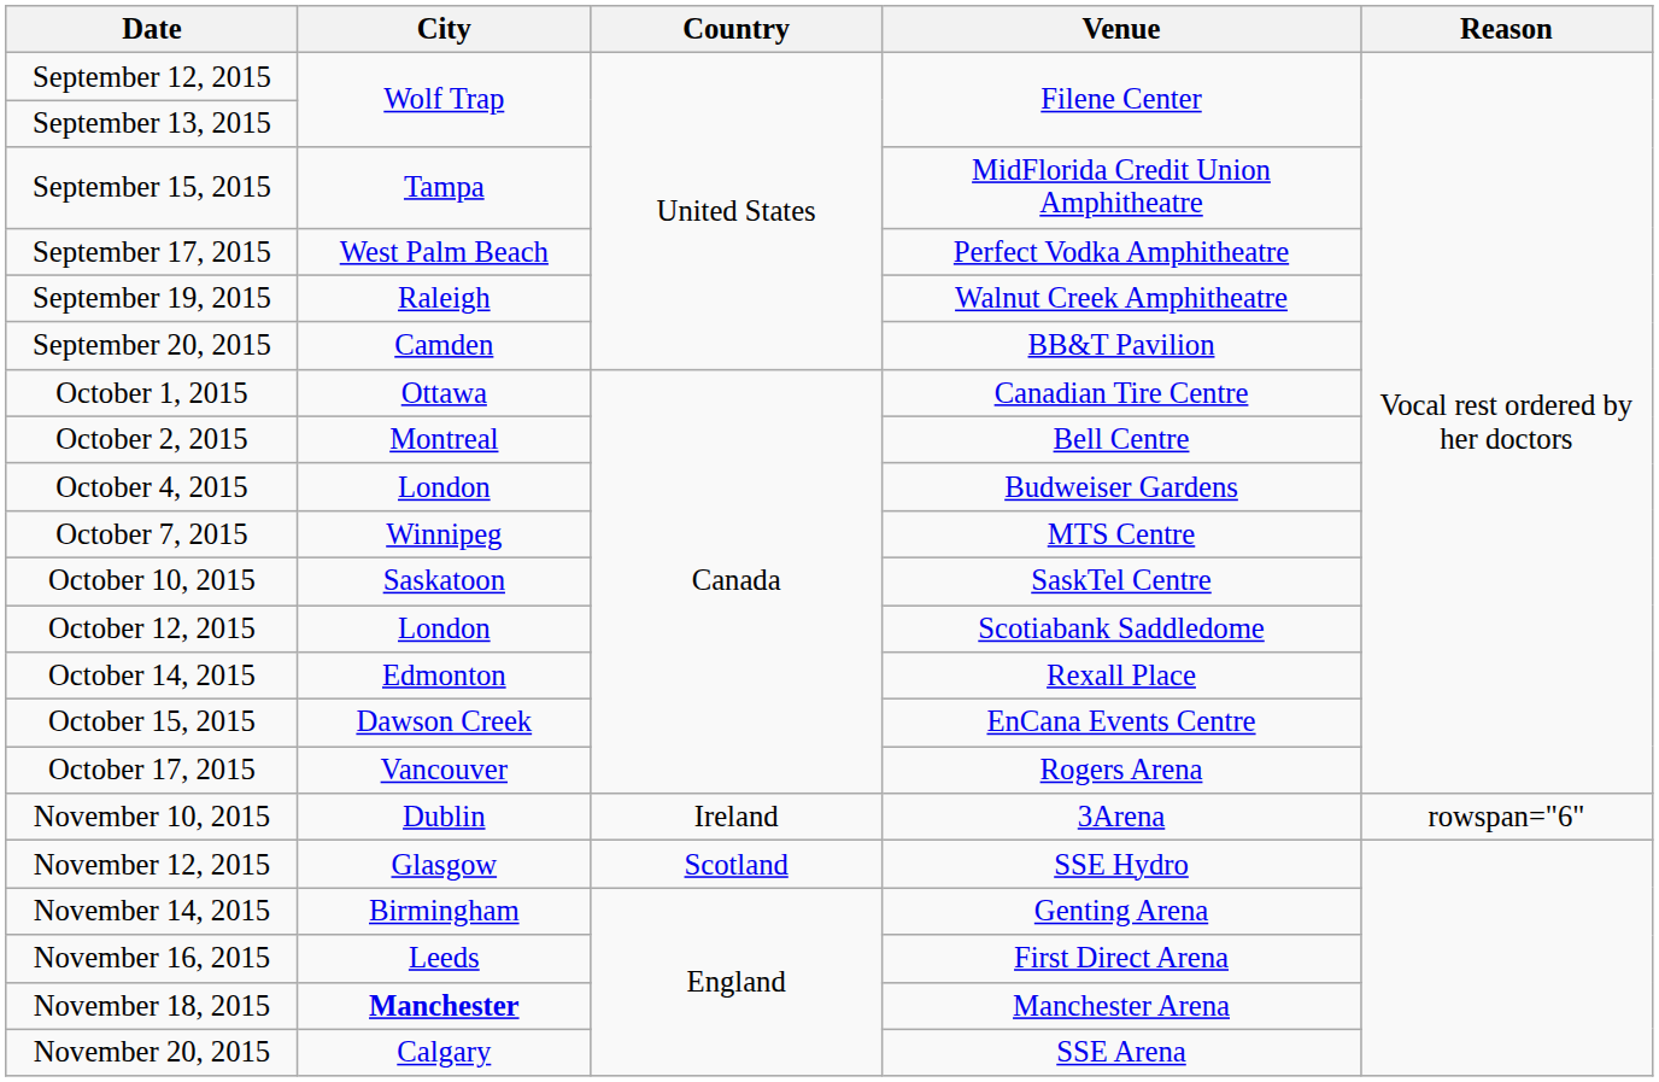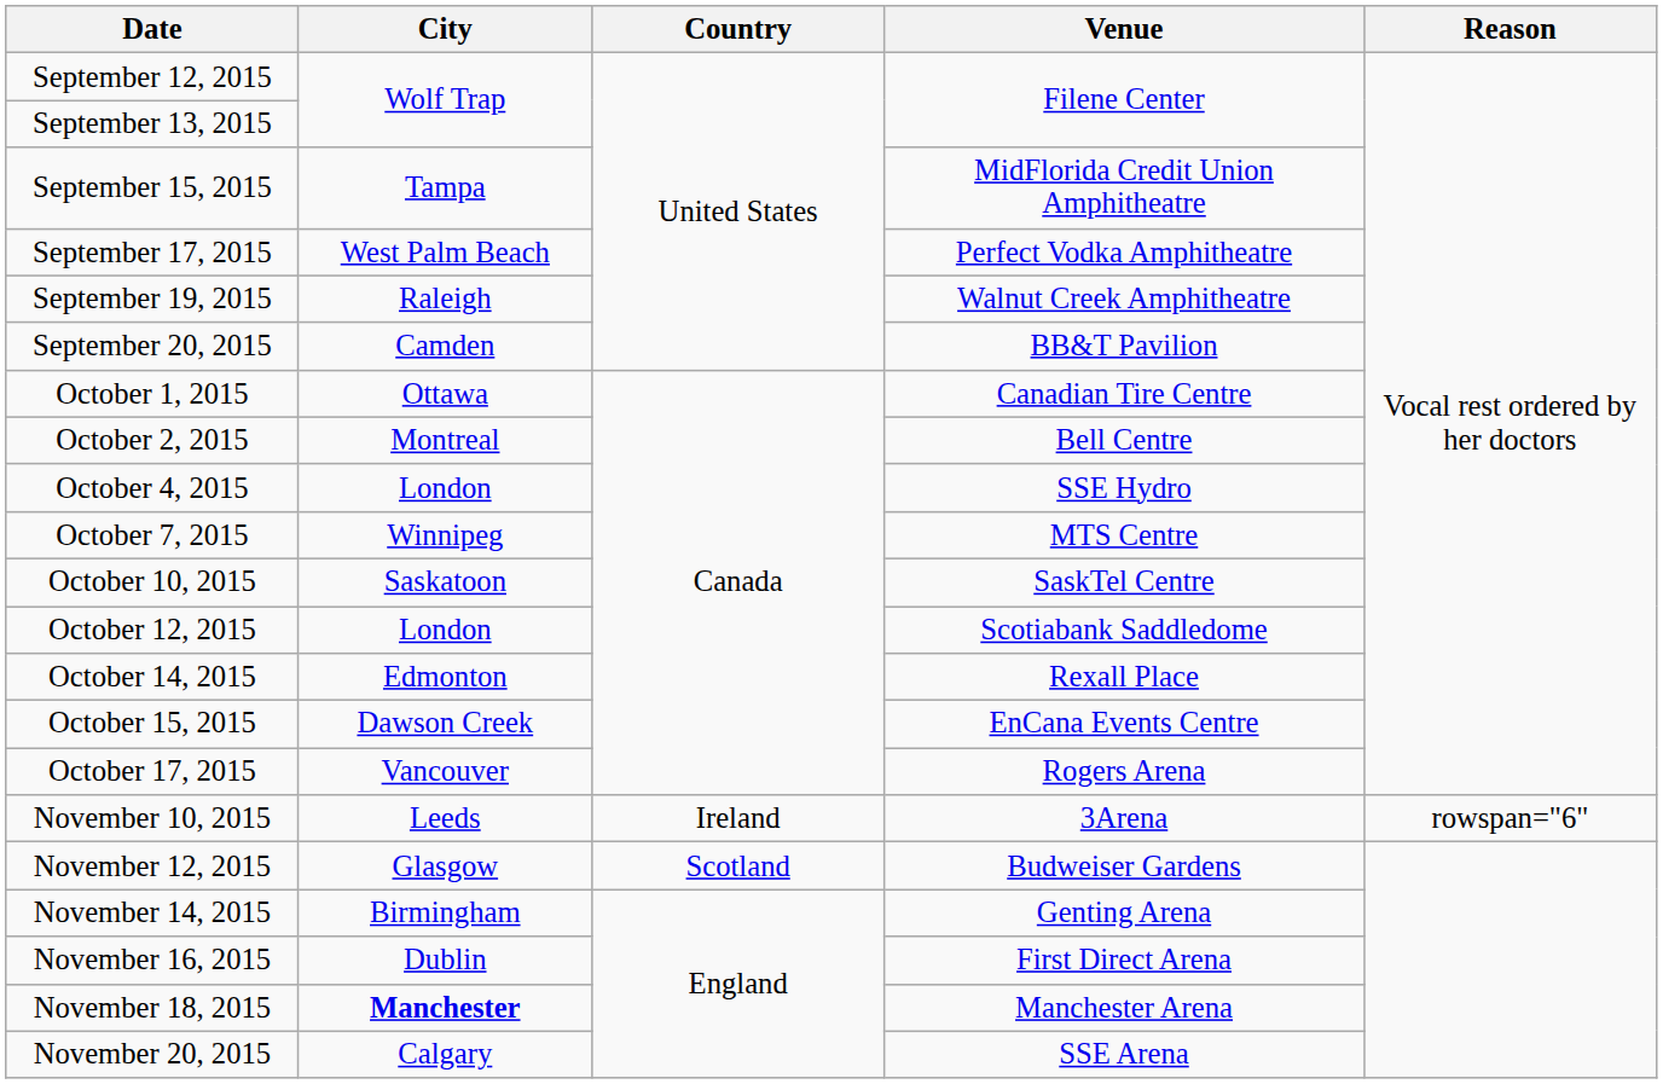 <table class="wikitable" style="text-align:center;">
 <tr>
 <th style="width:150px;">Date</th>
 <th style="width:150px;">City</th>
 <th style="width:150px;">Country</th>
 <th style="width:250px;">Venue</th>
 <th style="width:150px;">Reason</th>
 </tr>
 <tr>
 <td>September 12, 2015</td>
 <td rowspan="2"><a href='#'>Wolf Trap</a></td>
 <td rowspan="6">United States</td>
 <td rowspan="2"><a href='#'>Filene Center</a></td>
 <td rowspan="15">Vocal rest ordered by her doctors</td>
 </tr>
 <tr>
 <td>September 13, 2015</td>
 </tr>
 <tr>
 <td>September 15, 2015</td>
 <td><a href='#'>Tampa</a></td>
 <td><a href='#'>MidFlorida Credit Union Amphitheatre</a></td>
 </tr>
 <tr>
 <td>September 17, 2015</td>
 <td><a href='#'>West Palm Beach</a></td>
 <td><a href='#'>Perfect Vodka Amphitheatre</a></td>
 </tr>
 <tr>
 <td>September 19, 2015</td>
 <td><a href='#'>Raleigh</a></td>
 <td><a href='#'>Walnut Creek Amphitheatre</a></td>
 </tr>
 <tr>
 <td>September 20, 2015</td>
 <td><a href='#'>Camden</a></td>
 <td><a href='#'>BB&T Pavilion</a></td>
 </tr>
 <tr>
 <td>October 1, 2015</td>
 <td><a href='#'>Ottawa</a></td>
 <td rowspan="9">Canada</td>
 <td><a href='#'>Canadian Tire Centre</a></td>
 </tr>
 <tr>
 <td>October 2, 2015</td>
 <td><a href='#'>Montreal</a></td>
 <td><a href='#'>Bell Centre</a></td>
 </tr>
 <tr>
 <td>October 4, 2015</td>
 <td><a href='#'>London</a></td>
-<td><a href='#'>Budweiser Gardens</a></td>
+<td><a href='#'>SSE Hydro</a></td>
 </tr>
 <tr>
 <td>October 7, 2015</td>
 <td><a href='#'>Winnipeg</a></td>
 <td><a href='#'>MTS Centre</a></td>
 </tr>
 <tr>
 <td>October 10, 2015</td>
 <td><a href='#'>Saskatoon</a></td>
 <td><a href='#'>SaskTel Centre</a></td>
 </tr>
 <tr>
 <td>October 12, 2015</td>
 <td><a href='#'>London</a></td>
 <td><a href='#'>Scotiabank Saddledome</a></td>
 </tr>
 <tr>
 <td>October 14, 2015</td>
 <td><a href='#'>Edmonton</a></td>
 <td><a href='#'>Rexall Place</a></td>
 </tr>
 <tr>
 <td>October 15, 2015</td>
 <td><a href='#'>Dawson Creek</a></td>
 <td><a href='#'>EnCana Events Centre</a></td>
 </tr>
 <tr>
 <td>October 17, 2015</td>
 <td><a href='#'>Vancouver</a></td>
 <td><a href='#'>Rogers Arena</a></td>
 </tr>
 <tr>
 <td>November 10, 2015</td>
-<td><a href='#'>Dublin</a></td>
+<td><a href='#'>Leeds</a></td>
 <td>Ireland</td>
 <td><a href='#'>3Arena</a></td>
 <td>rowspan="6" </td>
 </tr>
 <tr>
 <td>November 12, 2015</td>
 <td><a href='#'>Glasgow</a></td>
 <td><a href='#'>Scotland</a></td>
-<td><a href='#'>SSE Hydro</a></td>
+<td><a href='#'>Budweiser Gardens</a></td>
 </tr>
 <tr>
 <td>November 14, 2015</td>
 <td><a href='#'>Birmingham</a></td>
 <td rowspan="4">England</td>
 <td><a href='#'>Genting Arena</a></td>
 </tr>
 <tr>
 <td>November 16, 2015</td>
-<td><a href='#'>Leeds</a></td>
+<td><a href='#'>Dublin</a></td>
 <td><a href='#'>First Direct Arena</a></td>
 </tr>
 <tr>
 <td>November 18, 2015</td>
 <td><strong><a href='#'>Manchester</a></strong></td>
 <td><a href='#'>Manchester Arena</a></td>
 </tr>
 <tr>
 <td>November 20, 2015</td>
 <td><a href='#'>Calgary</a></td>
 <td><a href='#'>SSE Arena</a></td>
 </tr>
 </table>
